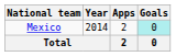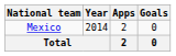 <table class="wikitable" style="text-align: center;">
 <tr>
 <th>National team</th>
 <th>Year</th>
 <th>Apps</th>
 <th>Goals</th>
 </tr>
 <tr>
 <td rowspan="1" valign="center"><a href='#'>Mexico</a></td>
 <td>2014</td>
 <td>2</td>
-<td style="background: paleturquoise;">0</td>
+<td>0</td>
 </tr>
 <tr>
 <th colspan="2">Total</th>
 <th>2</th>
 <th>0</th>
 </tr>
 </table>
